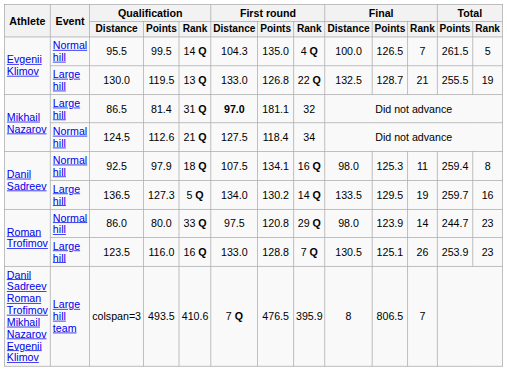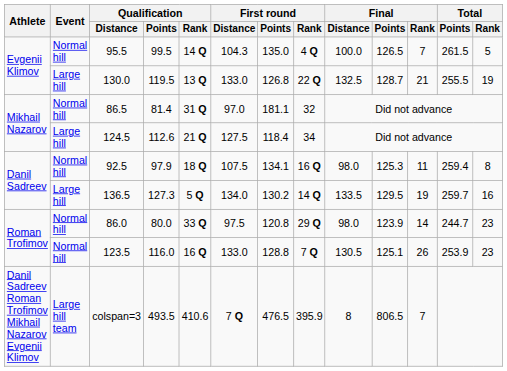 <table class=wikitable style="text-align:center; font-size:90%">
 <tr>
 <th rowspan=2>Athlete</th>
 <th rowspan=2>Event</th>
 <th colspan=3>Qualification</th>
 <th colspan=3>First round</th>
 <th colspan=3>Final</th>
 <th colspan=2>Total</th>
 </tr>
 <tr style="font-size:95%">
 <th>Distance</th>
 <th>Points</th>
 <th>Rank</th>
 <th>Distance</th>
 <th>Points</th>
 <th>Rank</th>
 <th>Distance</th>
 <th>Points</th>
 <th>Rank</th>
 <th>Points</th>
 <th>Rank</th>
 </tr>
 <tr>
 <td rowspan=2 align=left><a href='#'>Evgenii Klimov</a></td>
 <td align=left><a href='#'>Normal hill</a></td>
 <td>95.5</td>
 <td>99.5</td>
 <td>14 <strong>Q</strong></td>
 <td>104.3</td>
 <td>135.0</td>
 <td>4 <strong>Q</strong></td>
 <td>100.0</td>
 <td>126.5</td>
 <td>7</td>
 <td>261.5</td>
 <td>5</td>
 </tr>
 <tr>
 <td align=left><a href='#'>Large hill</a></td>
 <td>130.0</td>
 <td>119.5</td>
 <td>13 <strong>Q</strong></td>
 <td>133.0</td>
 <td>126.8</td>
 <td>22 <strong>Q</strong></td>
 <td>132.5</td>
 <td>128.7</td>
 <td>21</td>
 <td>255.5</td>
 <td>19</td>
 </tr>
 <tr>
 <td rowspan=2 align=left><a href='#'>Mikhail Nazarov</a></td>
-<td align=left><a href='#'>Large hill</a></td>
+<td align=left><a href='#'>Normal hill</a></td>
 <td>86.5</td>
 <td>81.4</td>
 <td>31 <strong>Q</strong></td>
-<td><strong>97.0</strong></td>
+<td>97.0</td>
 <td>181.1</td>
 <td>32</td>
 <td colspan=5>Did not advance</td>
 </tr>
 <tr>
-<td align=left><a href='#'>Normal hill</a></td>
+<td align=left><a href='#'>Large hill</a></td>
 <td>124.5</td>
 <td>112.6</td>
 <td>21 <strong>Q</strong></td>
 <td>127.5</td>
 <td>118.4</td>
 <td>34</td>
 <td colspan=5>Did not advance</td>
 </tr>
 <tr>
 <td rowspan=2 align=left><a href='#'>Danil Sadreev</a></td>
 <td align=left><a href='#'>Normal hill</a></td>
 <td>92.5</td>
 <td>97.9</td>
 <td>18 <strong>Q</strong></td>
 <td>107.5</td>
 <td>134.1</td>
 <td>16 <strong>Q</strong></td>
 <td>98.0</td>
 <td>125.3</td>
 <td>11</td>
 <td>259.4</td>
 <td>8</td>
 </tr>
 <tr>
 <td align=left><a href='#'>Large hill</a></td>
 <td>136.5</td>
 <td>127.3</td>
 <td>5 <strong>Q</strong></td>
 <td>134.0</td>
 <td>130.2</td>
 <td>14 <strong>Q</strong></td>
 <td>133.5</td>
 <td>129.5</td>
 <td>19</td>
 <td>259.7</td>
 <td>16</td>
 </tr>
 <tr>
 <td rowspan=2 align=left><a href='#'>Roman Trofimov</a></td>
 <td align=left><a href='#'>Normal hill</a></td>
 <td>86.0</td>
 <td>80.0</td>
 <td>33 <strong>Q</strong></td>
 <td>97.5</td>
 <td>120.8</td>
 <td>29 <strong>Q</strong></td>
 <td>98.0</td>
 <td>123.9</td>
 <td>14</td>
 <td>244.7</td>
 <td>23</td>
 </tr>
 <tr>
-<td align=left><a href='#'>Large hill</a></td>
+<td align=left><a href='#'>Normal hill</a></td>
 <td>123.5</td>
 <td>116.0</td>
 <td>16 <strong>Q</strong></td>
 <td>133.0</td>
 <td>128.8</td>
 <td>7 <strong>Q</strong></td>
 <td>130.5</td>
 <td>125.1</td>
 <td>26</td>
 <td>253.9</td>
 <td>23</td>
 </tr>
 <tr>
 <td align=left><a href='#'>Danil Sadreev</a><br><a href='#'>Roman Trofimov</a><br><a href='#'>Mikhail Nazarov</a><br><a href='#'>Evgenii Klimov</a></td>
 <td align=left><a href='#'>Large hill team</a></td>
 <td>colspan=3 </td>
 <td>493.5</td>
 <td>410.6</td>
 <td>7 <strong>Q</strong></td>
 <td>476.5</td>
 <td>395.9</td>
 <td>8</td>
 <td>806.5</td>
 <td>7</td>
 </tr>
 </table>
